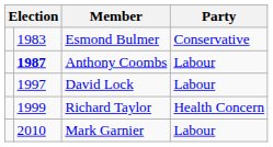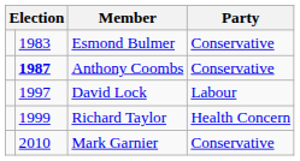 <table class="wikitable">
 <tr>
 <th colspan="2">Election</th>
 <th>Member</th>
 <th>Party</th>
 </tr>
 <tr>
 <td style="color:inherit;background-color: "></td>
 <td><a href='#'>1983</a></td>
 <td><a href='#'>Esmond Bulmer</a></td>
 <td><a href='#'>Conservative</a></td>
 </tr>
 <tr>
 <td style="color:inherit;background-color: "></td>
 <td><strong><a href='#'>1987</a></strong></td>
 <td><a href='#'>Anthony Coombs</a></td>
-<td><a href='#'>Labour</a></td>
+<td><a href='#'>Conservative</a></td>
 </tr>
 <tr>
 <td style="color:inherit;background-color: "></td>
 <td><a href='#'>1997</a></td>
 <td><a href='#'>David Lock</a></td>
 <td><a href='#'>Labour</a></td>
 </tr>
 <tr>
 <td style="color:inherit;background-color: "></td>
 <td><a href='#'>1999</a></td>
 <td><a href='#'>Richard Taylor</a></td>
 <td><a href='#'>Health Concern</a></td>
 </tr>
 <tr>
 <td style="color:inherit;background-color: "></td>
 <td><a href='#'>2010</a></td>
 <td><a href='#'>Mark Garnier</a></td>
-<td><a href='#'>Labour</a></td>
+<td><a href='#'>Conservative</a></td>
 </tr>
 </table>
